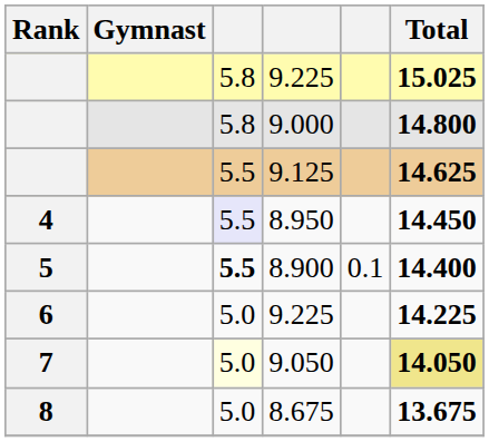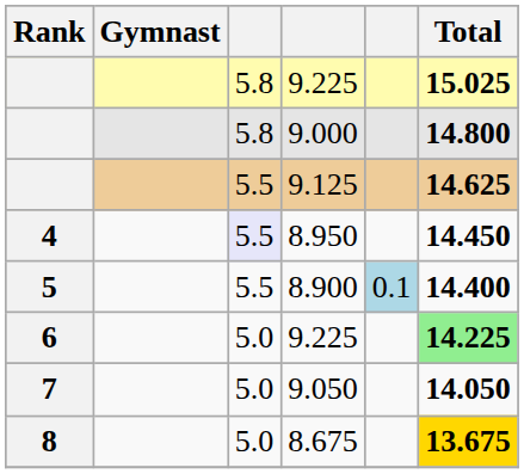 <table class="wikitable sortable" style="text-align:center; font-size:95%">
 <tr>
 <th scope=col>Rank</th>
 <th scope=col>Gymnast</th>
 <th scope=col></th>
 <th scope=col></th>
 <th scope=col></th>
 <th scope=col>Total</th>
 </tr>
 <tr bgcolor=fffcaf>
 <th scope=row style="text-align:center"></th>
 <td align=left></td>
 <td>5.8</td>
 <td>9.225</td>
 <td></td>
 <td><strong>15.025</strong></td>
 </tr>
 <tr bgcolor=e5e5e5>
 <th scope=row style="text-align:center"></th>
 <td align=left></td>
 <td>5.8</td>
 <td>9.000</td>
 <td></td>
 <td><strong>14.800</strong></td>
 </tr>
 <tr bgcolor=eecc99>
 <th scope=row style="text-align:center"></th>
 <td align=left></td>
 <td>5.5</td>
 <td>9.125</td>
 <td></td>
 <td><strong>14.625</strong></td>
 </tr>
 <tr>
 <th scope=row style="text-align:center">4</th>
 <td align=left></td>
 <td style="background: lavender;">5.5</td>
 <td>8.950</td>
 <td></td>
 <td><strong>14.450</strong></td>
 </tr>
 <tr>
 <th scope=row style="text-align:center">5</th>
 <td align=left></td>
-<td><strong>5.5</strong></td>
+<td>5.5</td>
 <td>8.900</td>
-<td>0.1</td>
+<td style="background: lightblue;">0.1</td>
 <td><strong>14.400</strong></td>
 </tr>
 <tr>
 <th scope=row style="text-align:center">6</th>
 <td align=left></td>
 <td>5.0</td>
 <td>9.225</td>
 <td></td>
-<td><strong>14.225</strong></td>
+<td style="background: lightgreen;"><strong>14.225</strong></td>
 </tr>
 <tr>
 <th scope=row style="text-align:center">7</th>
 <td align=left></td>
-<td style="background: lightyellow;">5.0</td>
+<td>5.0</td>
 <td>9.050</td>
 <td></td>
-<td style="background: khaki;"><strong>14.050</strong></td>
+<td><strong>14.050</strong></td>
 </tr>
 <tr>
 <th scope=row style="text-align:center">8</th>
 <td align=left></td>
 <td>5.0</td>
 <td>8.675</td>
 <td></td>
-<td><strong>13.675</strong></td>
+<td style="background: gold;"><strong>13.675</strong></td>
 </tr>
 <tr>
 </tr>
 </table>
